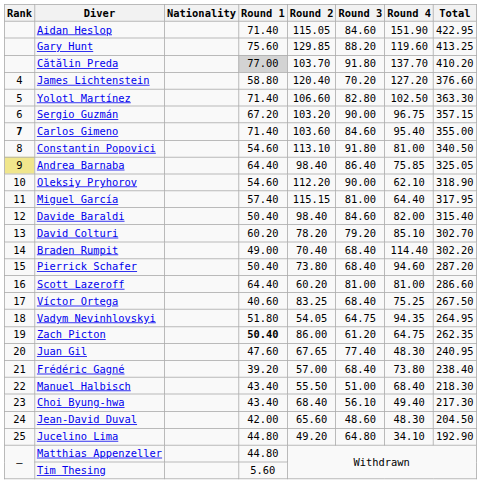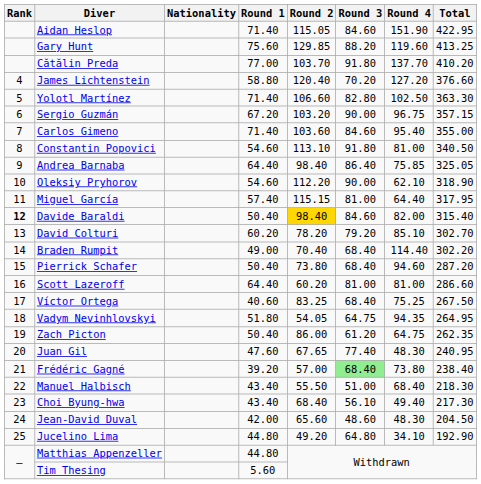 <table class="wikitable sortable" style="text-align:center">
 <tr>
 <th>Rank</th>
 <th>Diver</th>
 <th>Nationality</th>
 <th>Round 1</th>
 <th>Round 2</th>
 <th>Round 3</th>
 <th>Round 4</th>
 <th>Total</th>
 </tr>
 <tr>
 <td></td>
 <td align=left><a href='#'>Aidan Heslop</a></td>
 <td align=left></td>
 <td>71.40</td>
 <td>115.05</td>
 <td>84.60</td>
 <td>151.90</td>
 <td>422.95</td>
 </tr>
 <tr>
 <td></td>
 <td align=left><a href='#'>Gary Hunt</a></td>
 <td align=left></td>
 <td>75.60</td>
 <td>129.85</td>
 <td>88.20</td>
 <td>119.60</td>
 <td>413.25</td>
 </tr>
 <tr>
 <td></td>
 <td align=left><a href='#'>Cătălin Preda</a></td>
 <td align=left></td>
-<td style="background: lightgrey;">77.00</td>
+<td>77.00</td>
 <td>103.70</td>
 <td>91.80</td>
 <td>137.70</td>
 <td>410.20</td>
 </tr>
 <tr>
 <td>4</td>
 <td align=left><a href='#'>James Lichtenstein</a></td>
 <td align=left></td>
 <td>58.80</td>
 <td>120.40</td>
 <td>70.20</td>
 <td>127.20</td>
 <td>376.60</td>
 </tr>
 <tr>
 <td>5</td>
 <td align=left><a href='#'>Yolotl Martínez</a></td>
 <td align=left></td>
 <td>71.40</td>
 <td>106.60</td>
 <td>82.80</td>
 <td>102.50</td>
 <td>363.30</td>
 </tr>
 <tr>
 <td>6</td>
 <td align=left><a href='#'>Sergio Guzmán</a></td>
 <td align=left></td>
 <td>67.20</td>
 <td>103.20</td>
 <td>90.00</td>
 <td>96.75</td>
 <td>357.15</td>
 </tr>
 <tr>
-<td><strong>7</strong></td>
+<td>7</td>
 <td align=left><a href='#'>Carlos Gimeno</a></td>
 <td align=left></td>
 <td>71.40</td>
 <td>103.60</td>
 <td>84.60</td>
 <td>95.40</td>
 <td>355.00</td>
 </tr>
 <tr>
 <td>8</td>
 <td align=left><a href='#'>Constantin Popovici</a></td>
 <td align=left></td>
 <td>54.60</td>
 <td>113.10</td>
 <td>91.80</td>
 <td>81.00</td>
 <td>340.50</td>
 </tr>
 <tr>
-<td style="background: khaki;">9</td>
+<td>9</td>
 <td align=left><a href='#'>Andrea Barnaba</a></td>
 <td align=left></td>
 <td>64.40</td>
 <td>98.40</td>
 <td>86.40</td>
 <td>75.85</td>
 <td>325.05</td>
 </tr>
 <tr>
 <td>10</td>
 <td align=left><a href='#'>Oleksiy Pryhorov</a></td>
 <td align=left></td>
 <td>54.60</td>
 <td>112.20</td>
 <td>90.00</td>
 <td>62.10</td>
 <td>318.90</td>
 </tr>
 <tr>
 <td>11</td>
 <td align=left><a href='#'>Miguel García</a></td>
 <td align=left></td>
 <td>57.40</td>
 <td>115.15</td>
 <td>81.00</td>
 <td>64.40</td>
 <td>317.95</td>
 </tr>
 <tr>
-<td>12</td>
+<td><strong>12</strong></td>
 <td align=left><a href='#'>Davide Baraldi</a></td>
 <td align=left></td>
 <td>50.40</td>
-<td>98.40</td>
+<td style="background: gold;">98.40</td>
 <td>84.60</td>
 <td>82.00</td>
 <td>315.40</td>
 </tr>
 <tr>
 <td>13</td>
 <td align=left><a href='#'>David Colturi</a></td>
 <td align=left></td>
 <td>60.20</td>
 <td>78.20</td>
 <td>79.20</td>
 <td>85.10</td>
 <td>302.70</td>
 </tr>
 <tr>
 <td>14</td>
 <td align=left><a href='#'>Braden Rumpit</a></td>
 <td align=left></td>
 <td>49.00</td>
 <td>70.40</td>
 <td>68.40</td>
 <td>114.40</td>
 <td>302.20</td>
 </tr>
 <tr>
 <td>15</td>
 <td align=left><a href='#'>Pierrick Schafer</a></td>
 <td align=left></td>
 <td>50.40</td>
 <td>73.80</td>
 <td>68.40</td>
 <td>94.60</td>
 <td>287.20</td>
 </tr>
 <tr>
 <td>16</td>
 <td align=left><a href='#'>Scott Lazeroff</a></td>
 <td align=left></td>
 <td>64.40</td>
 <td>60.20</td>
 <td>81.00</td>
 <td>81.00</td>
 <td>286.60</td>
 </tr>
 <tr>
 <td>17</td>
 <td align=left><a href='#'>Víctor Ortega</a></td>
 <td align=left></td>
 <td>40.60</td>
 <td>83.25</td>
 <td>68.40</td>
 <td>75.25</td>
 <td>267.50</td>
 </tr>
 <tr>
 <td>18</td>
 <td align=left><a href='#'>Vadym Nevinhlovskyi</a></td>
 <td align=left></td>
 <td>51.80</td>
 <td>54.05</td>
 <td>64.75</td>
 <td>94.35</td>
 <td>264.95</td>
 </tr>
 <tr>
 <td>19</td>
 <td align=left><a href='#'>Zach Picton</a></td>
 <td align=left></td>
-<td><strong>50.40</strong></td>
+<td>50.40</td>
 <td>86.00</td>
 <td>61.20</td>
 <td>64.75</td>
 <td>262.35</td>
 </tr>
 <tr>
 <td>20</td>
 <td align=left><a href='#'>Juan Gil</a></td>
 <td align=left></td>
 <td>47.60</td>
 <td>67.65</td>
 <td>77.40</td>
 <td>48.30</td>
 <td>240.95</td>
 </tr>
 <tr>
 <td>21</td>
 <td align=left><a href='#'>Frédéric Gagné</a></td>
 <td align=left></td>
 <td>39.20</td>
 <td>57.00</td>
-<td>68.40</td>
+<td style="background: lightgreen;">68.40</td>
 <td>73.80</td>
 <td>238.40</td>
 </tr>
 <tr>
 <td>22</td>
 <td align=left><a href='#'>Manuel Halbisch</a></td>
 <td align=left></td>
 <td>43.40</td>
 <td>55.50</td>
 <td>51.00</td>
 <td>68.40</td>
 <td>218.30</td>
 </tr>
 <tr>
 <td>23</td>
 <td align=left><a href='#'>Choi Byung-hwa</a></td>
 <td align=left></td>
 <td>43.40</td>
 <td>68.40</td>
 <td>56.10</td>
 <td>49.40</td>
 <td>217.30</td>
 </tr>
 <tr>
 <td>24</td>
 <td align=left><a href='#'>Jean-David Duval</a></td>
 <td align=left></td>
 <td>42.00</td>
 <td>65.60</td>
 <td>48.60</td>
 <td>48.30</td>
 <td>204.50</td>
 </tr>
 <tr>
 <td>25</td>
 <td align=left><a href='#'>Jucelino Lima</a></td>
 <td align=left></td>
 <td>44.80</td>
 <td>49.20</td>
 <td>64.80</td>
 <td>34.10</td>
 <td>192.90</td>
 </tr>
 <tr>
 <td rowspan=2>–</td>
 <td align=left><a href='#'>Matthias Appenzeller</a></td>
 <td align=left></td>
 <td>44.80</td>
 <td rowspan=2 colspan=4>Withdrawn</td>
 </tr>
 <tr>
 <td align=left><a href='#'>Tim Thesing</a></td>
 <td align=left></td>
 <td>5.60</td>
 </tr>
 </table>
